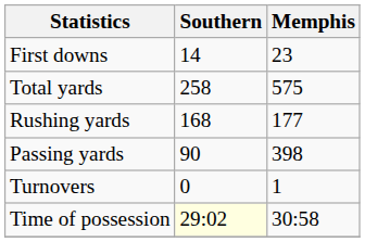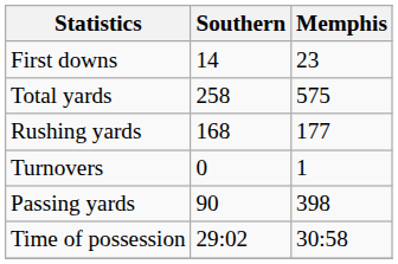 <table class="wikitable">
 <tr>
 <th>Statistics</th>
 <th>Southern</th>
 <th>Memphis</th>
 </tr>
 <tr>
 <td>First downs</td>
 <td>14</td>
 <td>23</td>
 </tr>
 <tr>
 <td>Total yards</td>
 <td>258</td>
 <td>575</td>
 </tr>
 <tr>
 <td>Rushing yards</td>
 <td>168</td>
 <td>177</td>
 </tr>
 <tr>
+<td>Turnovers</td>
+<td>0</td>
+<td>1</td>
+</tr>
+<tr>
 <td>Passing yards</td>
 <td>90</td>
 <td>398</td>
 </tr>
 <tr>
-<td>Turnovers</td>
-<td>0</td>
-<td>1</td>
-</tr>
-<tr>
 <td>Time of possession</td>
-<td style="background: lightyellow;">29:02</td>
+<td>29:02</td>
 <td>30:58</td>
 </tr>
 <tr>
 </tr>
 </table>
